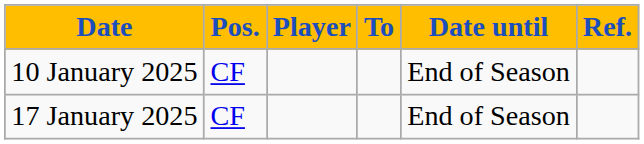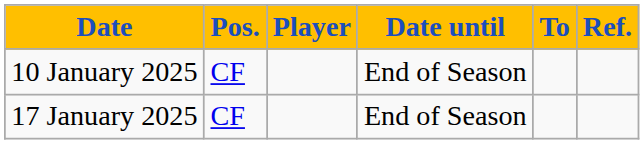 <table class="wikitable plainrowheaders sortable">
 <tr>
 <th style="background:#ffbf00;color:#1C4EBD ">Date</th>
 <th style="background:#ffbf00;color:#1C4EBD ">Pos.</th>
 <th style="background:#ffbf00;color:#1C4EBD ">Player</th>
+<th style="background:#ffbf00;color:#1C4EBD ">Date until</th>
 <th style="background:#ffbf00;color:#1C4EBD ">To</th>
-<th style="background:#ffbf00;color:#1C4EBD ">Date until</th>
 <th style="background:#ffbf00;color:#1C4EBD ">Ref.</th>
 </tr>
 <tr>
 <td>10 January 2025</td>
 <td><a href='#'>CF</a></td>
 <td></td>
+<td>End of Season</td>
 <td></td>
-<td>End of Season</td>
 <td></td>
 </tr>
 <tr>
 <td>17 January 2025</td>
 <td><a href='#'>CF</a></td>
 <td></td>
+<td>End of Season</td>
 <td></td>
-<td>End of Season</td>
 <td></td>
 </tr>
 </table>
